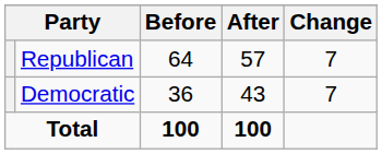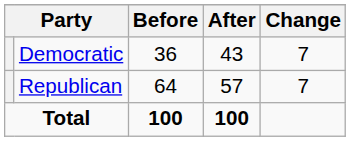 <table class="wikitable" style="text-align:center;">
 <tr>
 </tr>
 <tr>
 <th colspan=2>Party</th>
 <th>Before</th>
 <th>After</th>
 <th>Change</th>
 </tr>
 <tr>
 <th style="background-color:"></th>
-<td style="text-align:left;"><a href='#'>Republican</a></td>
-<td>64</td>
-<td>57</td>
+<td style="text-align:left;"><a href='#'>Democratic</a></td>
+<td>36</td>
+<td>43</td>
 <td> 7</td>
 </tr>
 <tr>
 <th style="background-color:"></th>
-<td style="text-align:left;"><a href='#'>Democratic</a></td>
-<td>36</td>
-<td>43</td>
+<td style="text-align:left;"><a href='#'>Republican</a></td>
+<td>64</td>
+<td>57</td>
 <td> 7</td>
 </tr>
 <tr>
 <td colspan=2><strong>Total</strong></td>
 <td><strong>100</strong></td>
 <td><strong>100</strong></td>
 <td></td>
 </tr>
 </table>
